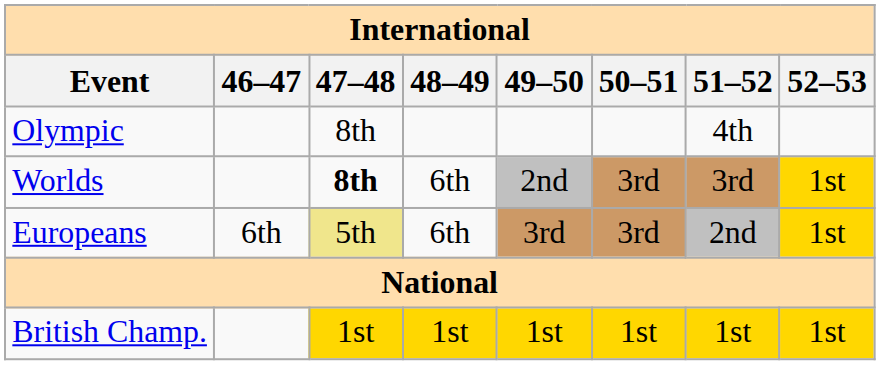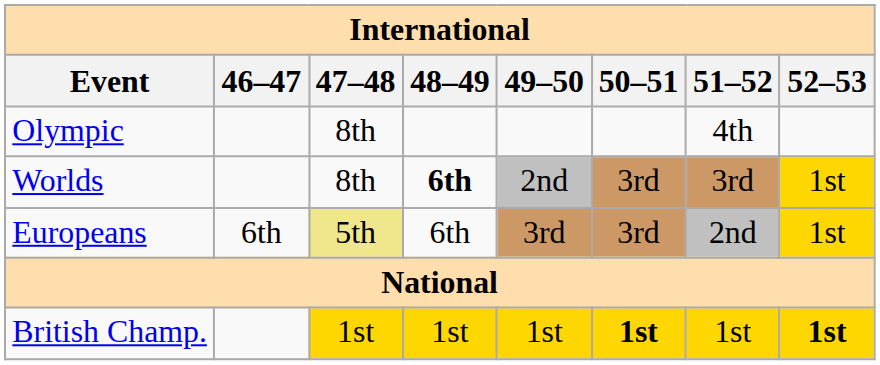 <table class="wikitable" style="text-align:center">
 <tr>
 <th style="background-color: #ffdead; " colspan=8 align=center>International</th>
 </tr>
 <tr>
 <th>Event</th>
 <th>46–47</th>
 <th>47–48</th>
 <th>48–49</th>
 <th>49–50</th>
 <th>50–51</th>
 <th>51–52</th>
 <th>52–53</th>
 </tr>
 <tr>
 <td align=left><a href='#'>Olympic</a></td>
 <td></td>
 <td>8th</td>
 <td></td>
 <td></td>
 <td></td>
 <td>4th</td>
 <td></td>
 </tr>
 <tr>
 <td align=left><a href='#'>Worlds</a></td>
 <td></td>
-<td><strong>8th</strong></td>
-<td>6th</td>
+<td>8th</td>
+<td><strong>6th</strong></td>
 <td bgcolor=silver>2nd</td>
 <td bgcolor=cc9966>3rd</td>
 <td bgcolor=cc9966>3rd</td>
 <td bgcolor=gold>1st</td>
 </tr>
 <tr>
 <td align=left><a href='#'>Europeans</a></td>
 <td>6th</td>
 <td style="background: khaki;">5th</td>
 <td>6th</td>
 <td bgcolor=cc9966>3rd</td>
 <td bgcolor=cc9966>3rd</td>
 <td bgcolor=silver>2nd</td>
 <td bgcolor=gold>1st</td>
 </tr>
 <tr>
 <th style="background-color: #ffdead; " colspan=8 align=center>National</th>
 </tr>
 <tr>
 <td align=left><a href='#'>British Champ.</a></td>
 <td></td>
 <td bgcolor=gold>1st</td>
 <td bgcolor=gold>1st</td>
 <td bgcolor=gold>1st</td>
+<td bgcolor=gold><strong>1st</strong></td>
 <td bgcolor=gold>1st</td>
-<td bgcolor=gold>1st</td>
-<td bgcolor=gold>1st</td>
+<td bgcolor=gold><strong>1st</strong></td>
 </tr>
 </table>
